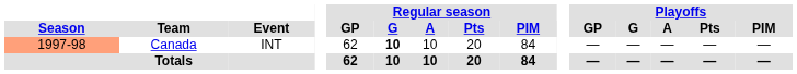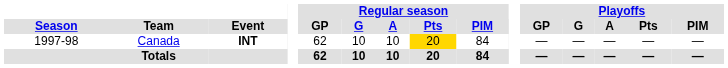 <table border="0" cellpadding="1" cellspacing="0" style="text-align:center; width:60em;">
 <tr style="background:#e0e0e0;">
 <th colspan="3"  bgcolor="#ffffff"> </th>
 <th rowspan="100" bgcolor="#ffffff"> </th>
 <th colspan="5"><a href='#'>Regular season</a></th>
 <th rowspan="100" bgcolor="#ffffff"> </th>
 <th colspan="5"><a href='#'>Playoffs</a></th>
 </tr>
 <tr style="background:#e0e0e0;">
 <th><a href='#'>Season</a></th>
 <th>Team</th>
 <th>Event</th>
 <th>GP</th>
 <th><a href='#'>G</a></th>
 <th><a href='#'>A</a></th>
 <th><a href='#'>Pts</a></th>
 <th><a href='#'>PIM</a></th>
 <th>GP</th>
 <th>G</th>
 <th>A</th>
 <th>Pts</th>
 <th>PIM</th>
 </tr>
 <tr>
-<td style="background: lightsalmon;">1997-98</td>
+<td>1997-98</td>
 <td><a href='#'>Canada</a></td>
-<td>INT</td>
+<td><strong>INT</strong></td>
 <td>62</td>
-<td><strong>10</strong></td>
 <td>10</td>
-<td>20</td>
+<td>10</td>
+<td style="background: gold;">20</td>
 <td>84</td>
 <td>—</td>
 <td>—</td>
 <td>—</td>
 <td>—</td>
 <td>—</td>
 </tr>
 <tr bgcolor="#e0e0e0">
 <td></td>
 <td><strong>Totals</strong></td>
 <td></td>
 <td><strong>62</strong></td>
 <td><strong>10</strong></td>
 <td><strong>10</strong></td>
 <td><strong>20</strong></td>
 <td><strong>84</strong></td>
 <td><strong>—</strong></td>
 <td><strong>—</strong></td>
 <td><strong>—</strong></td>
 <td><strong>—</strong></td>
 <td><strong>—</strong></td>
 </tr>
 </table>
